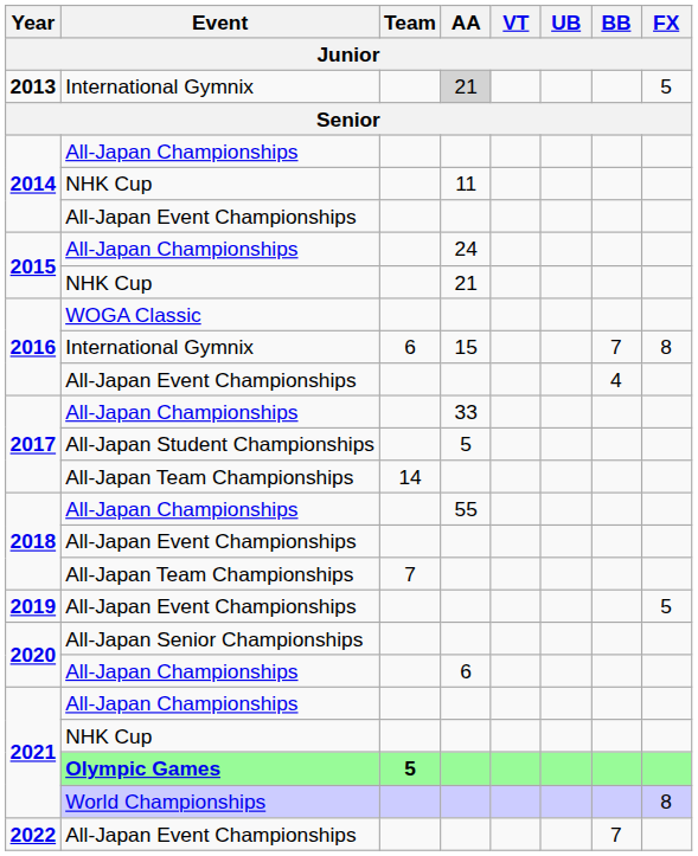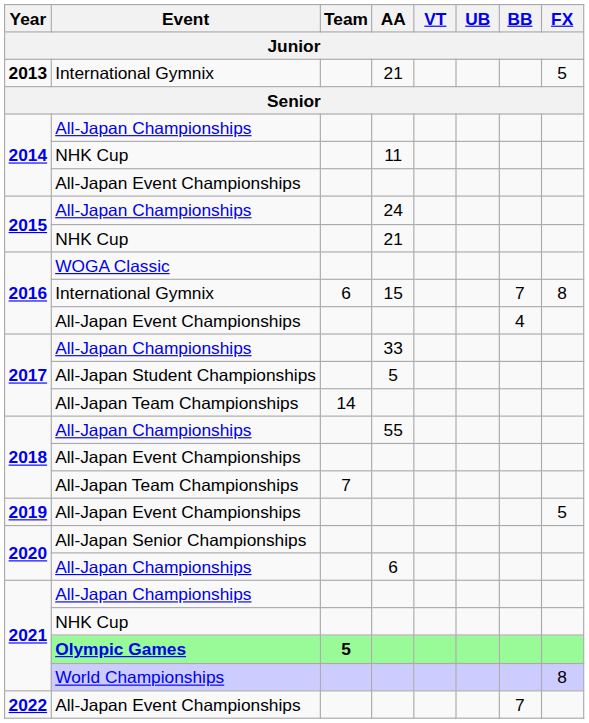 <table class="wikitable" style="text-align:center; font-size:95%;">
 <tr>
 <th align="center">Year</th>
 <th align="center">Event</th>
 <th style="width:30px;">Team</th>
 <th style="width:30px;">AA</th>
 <th style="width:30px;"><a href='#'>VT</a></th>
 <th style="width:30px;"><a href='#'>UB</a></th>
 <th style="width:30px;"><a href='#'>BB</a></th>
 <th style="width:30px;"><a href='#'>FX</a></th>
 </tr>
 <tr>
 <th colspan="8"><strong>Junior</strong></th>
 </tr>
 <tr>
 <td><strong>2013</strong></td>
 <td align=left>International Gymnix</td>
 <td></td>
-<td style="background: lightgrey;">21</td>
+<td>21</td>
 <td></td>
 <td></td>
 <td></td>
 <td>5</td>
 </tr>
 <tr>
 <th colspan="8"><strong>Senior</strong></th>
 </tr>
 <tr>
 <td rowspan=3><strong><a href='#'>2014</a></strong></td>
 <td align=left><a href='#'>All-Japan Championships</a></td>
 <td></td>
 <td></td>
 <td></td>
 <td></td>
 <td></td>
 <td></td>
 </tr>
 <tr>
 <td align=left>NHK Cup</td>
 <td></td>
 <td>11</td>
 <td></td>
 <td></td>
 <td></td>
 <td></td>
 </tr>
 <tr>
 <td align=left>All-Japan Event Championships</td>
 <td></td>
 <td></td>
 <td></td>
 <td></td>
 <td></td>
 <td></td>
 </tr>
 <tr>
 <td rowspan=2><strong><a href='#'>2015</a></strong></td>
 <td align=left><a href='#'>All-Japan Championships</a></td>
 <td></td>
 <td>24</td>
 <td></td>
 <td></td>
 <td></td>
 <td></td>
 </tr>
 <tr>
 <td align=left>NHK Cup</td>
 <td></td>
 <td>21</td>
 <td></td>
 <td></td>
 <td></td>
 <td></td>
 </tr>
 <tr>
 <td rowspan=3><strong><a href='#'>2016</a></strong></td>
 <td align=left><a href='#'>WOGA Classic</a></td>
 <td></td>
 <td></td>
 <td></td>
 <td></td>
 <td></td>
 <td></td>
 </tr>
 <tr>
 <td align=left>International Gymnix</td>
 <td>6</td>
 <td>15</td>
 <td></td>
 <td></td>
 <td>7</td>
 <td>8</td>
 </tr>
 <tr>
 <td align=left>All-Japan Event Championships</td>
 <td></td>
 <td></td>
 <td></td>
 <td></td>
 <td>4</td>
 <td></td>
 </tr>
 <tr>
 <td rowspan=3><strong><a href='#'>2017</a></strong></td>
 <td align=left><a href='#'>All-Japan Championships</a></td>
 <td></td>
 <td>33</td>
 <td></td>
 <td></td>
 <td></td>
 <td></td>
 </tr>
 <tr>
 <td align=left>All-Japan Student Championships</td>
 <td></td>
 <td>5</td>
 <td></td>
 <td></td>
 <td></td>
 <td></td>
 </tr>
 <tr>
 <td align=left>All-Japan Team Championships</td>
 <td>14</td>
 <td></td>
 <td></td>
 <td></td>
 <td></td>
 <td></td>
 </tr>
 <tr>
 <td rowspan=3><strong><a href='#'>2018</a></strong></td>
 <td align=left><a href='#'>All-Japan Championships</a></td>
 <td></td>
 <td>55</td>
 <td></td>
 <td></td>
 <td></td>
 <td></td>
 </tr>
 <tr>
 <td align=left>All-Japan Event Championships</td>
 <td></td>
 <td></td>
 <td></td>
 <td></td>
 <td></td>
 <td></td>
 </tr>
 <tr>
 <td align=left>All-Japan Team Championships</td>
 <td>7</td>
 <td></td>
 <td></td>
 <td></td>
 <td></td>
 <td></td>
 </tr>
 <tr>
 <td><strong><a href='#'>2019</a></strong></td>
 <td align=left>All-Japan Event Championships</td>
 <td></td>
 <td></td>
 <td></td>
 <td></td>
 <td></td>
 <td>5</td>
 </tr>
 <tr>
 <td rowspan=2><strong><a href='#'>2020</a></strong></td>
 <td align=left>All-Japan Senior Championships</td>
 <td></td>
 <td></td>
 <td></td>
 <td></td>
 <td></td>
 <td></td>
 </tr>
 <tr>
 <td align=left><a href='#'>All-Japan Championships</a></td>
 <td></td>
 <td>6</td>
 <td></td>
 <td></td>
 <td></td>
 <td></td>
 </tr>
 <tr>
 <td rowspan=4><strong><a href='#'>2021</a></strong></td>
 <td align=left><a href='#'>All-Japan Championships</a></td>
 <td></td>
 <td></td>
 <td></td>
 <td></td>
 <td></td>
 <td></td>
 </tr>
 <tr>
 <td align=left>NHK Cup</td>
 <td></td>
 <td></td>
 <td></td>
 <td></td>
 <td></td>
 <td></td>
 </tr>
 <tr bgcolor=98FB98>
 <td align=left><strong><a href='#'>Olympic Games</a></strong></td>
 <td><strong>5</strong></td>
 <td></td>
 <td></td>
 <td></td>
 <td></td>
 <td></td>
 </tr>
 <tr bgcolor=#CCCCFF>
 <td align=left><a href='#'>World Championships</a></td>
 <td></td>
 <td></td>
 <td></td>
 <td></td>
 <td></td>
 <td>8</td>
 </tr>
 <tr>
 <td><strong><a href='#'>2022</a></strong></td>
 <td align=left>All-Japan Event Championships</td>
 <td></td>
 <td></td>
 <td></td>
 <td></td>
 <td>7</td>
 <td></td>
 </tr>
 </table>
